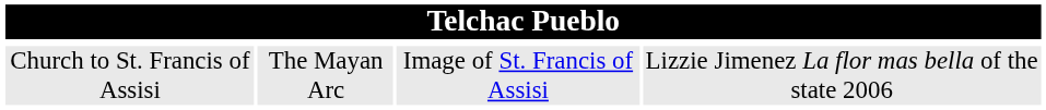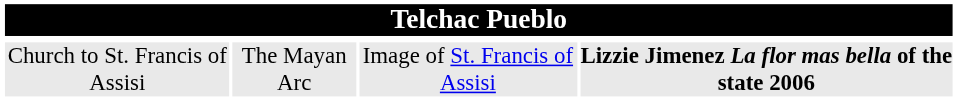 <table class="toc" cellpadding=0 cellspacing=2 width=600px style="float:center; margin: 0.5em 0.5em 0.5em 1em; padding: 0.5e text-align:left;clear:all; margin-left:3px; font-size:90%">
 <tr>
 <td colspan=4 style="background:#black; color:white; font-size:120%" align=center bgcolor="black"><strong>Telchac Pueblo</strong></td>
 </tr>
 <tr>
 <td align=center valign=center bgcolor="#f9f9f9"></td>
 <td align=center valign=center bgcolor="#f9f9f9"></td>
 <td align=center valign=center bgcolor="#f9f9f9"></td>
 <td align=center valign=center bgcolor="#f9f9f9"></td>
 </tr>
 <tr>
 <td style="background:#e9e9e9;" align=center>Church to St. Francis of Assisi</td>
 <td style="background:#e9e9e9;" align=center>The Mayan Arc</td>
 <td style="background:#e9e9e9;" align=center>Image of <a href='#'>St. Francis of Assisi</a></td>
-<td style="background:#e9e9e9;" align=center>Lizzie Jimenez <em>La flor mas bella</em> of the state 2006</td>
+<td style="background:#e9e9e9;" align=center><strong>Lizzie Jimenez <em>La flor mas bella</em> of the state 2006</strong></td>
 </tr>
 <tr>
 </tr>
 </table>
